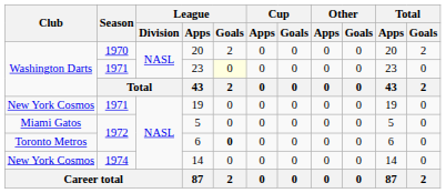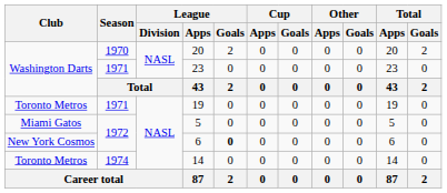 <table class="wikitable" style="text-align: center">
 <tr>
 <th rowspan="2">Club</th>
 <th rowspan="2">Season</th>
 <th colspan="3">League</th>
 <th colspan="2">Cup</th>
 <th colspan="2">Other</th>
 <th colspan="2">Total</th>
 </tr>
 <tr>
 <th>Division</th>
 <th>Apps</th>
 <th>Goals</th>
 <th>Apps</th>
 <th>Goals</th>
 <th>Apps</th>
 <th>Goals</th>
 <th>Apps</th>
 <th>Goals</th>
 </tr>
 <tr>
 <td rowspan="3"><a href='#'>Washington Darts</a></td>
 <td><a href='#'>1970</a></td>
 <td rowspan="2"><a href='#'>NASL</a></td>
 <td>20</td>
 <td>2</td>
 <td>0</td>
 <td>0</td>
 <td>0</td>
 <td>0</td>
 <td>20</td>
 <td>2</td>
 </tr>
 <tr>
 <td><a href='#'>1971</a></td>
 <td>23</td>
-<td style="background: lightyellow;">0</td>
+<td>0</td>
 <td>0</td>
 <td>0</td>
 <td>0</td>
 <td>0</td>
 <td>23</td>
 <td>0</td>
 </tr>
 <tr>
 <th colspan="2"><strong>Total</strong></th>
 <th>43</th>
 <th>2</th>
 <th>0</th>
 <th>0</th>
 <th>0</th>
 <th>0</th>
 <th>43</th>
 <th>2</th>
 </tr>
 <tr>
-<td><a href='#'>New York Cosmos</a></td>
+<td><a href='#'>Toronto Metros</a></td>
 <td><a href='#'>1971</a></td>
 <td rowspan="4"><a href='#'>NASL</a></td>
 <td>19</td>
 <td>0</td>
 <td>0</td>
 <td>0</td>
 <td>0</td>
 <td>0</td>
 <td>19</td>
 <td>0</td>
 </tr>
 <tr>
 <td><a href='#'>Miami Gatos</a></td>
 <td rowspan="2"><a href='#'>1972</a></td>
 <td>5</td>
 <td>0</td>
 <td>0</td>
 <td>0</td>
 <td>0</td>
 <td>0</td>
 <td>5</td>
 <td>0</td>
 </tr>
 <tr>
-<td><a href='#'>Toronto Metros</a></td>
+<td><a href='#'>New York Cosmos</a></td>
 <td>6</td>
 <td><strong>0</strong></td>
 <td>0</td>
 <td>0</td>
 <td>0</td>
 <td>0</td>
 <td>6</td>
 <td>0</td>
 </tr>
 <tr>
-<td><a href='#'>New York Cosmos</a></td>
+<td><a href='#'>Toronto Metros</a></td>
 <td><a href='#'>1974</a></td>
 <td>14</td>
 <td>0</td>
 <td>0</td>
 <td>0</td>
 <td>0</td>
 <td>0</td>
 <td>14</td>
 <td>0</td>
 </tr>
 <tr>
 <th colspan="3"><strong>Career total</strong></th>
 <th>87</th>
 <th>2</th>
 <th>0</th>
 <th>0</th>
 <th>0</th>
 <th>0</th>
 <th>87</th>
 <th>2</th>
 </tr>
 </table>
